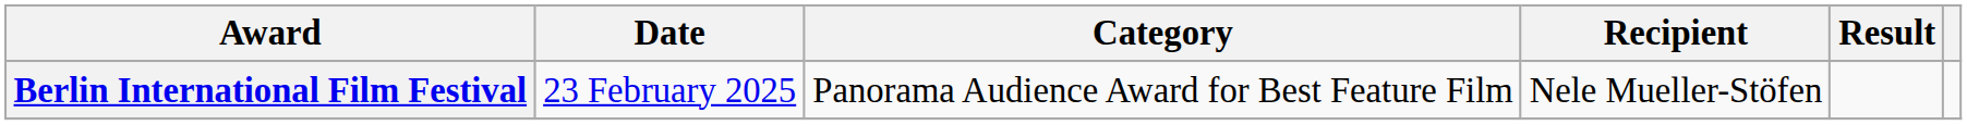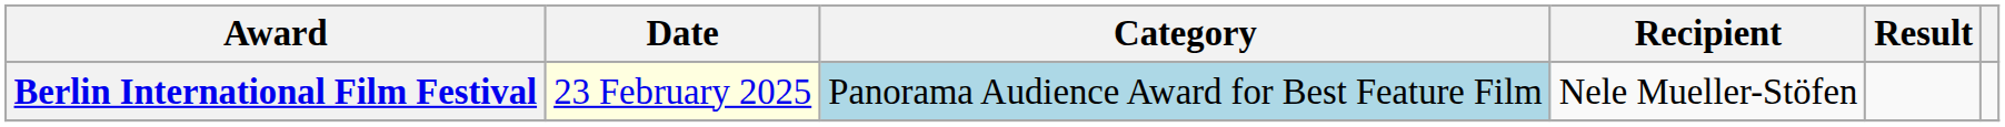 <table class="wikitable sortable plainrowheaders">
 <tr>
 <th>Award</th>
 <th>Date</th>
 <th>Category</th>
 <th>Recipient</th>
 <th>Result</th>
 <th></th>
 </tr>
 <tr>
 <th scope="row"><a href='#'>Berlin International Film Festival</a></th>
-<td><a href='#'>23 February 2025</a></td>
-<td>Panorama Audience Award for Best Feature Film</td>
+<td style="background: lightyellow;"><a href='#'>23 February 2025</a></td>
+<td style="background: lightblue;">Panorama Audience Award for Best Feature Film</td>
 <td>Nele Mueller-Stöfen</td>
 <td></td>
 <td align="center" rowspan="1"></td>
 </tr>
 <tr>
 </tr>
 </table>
